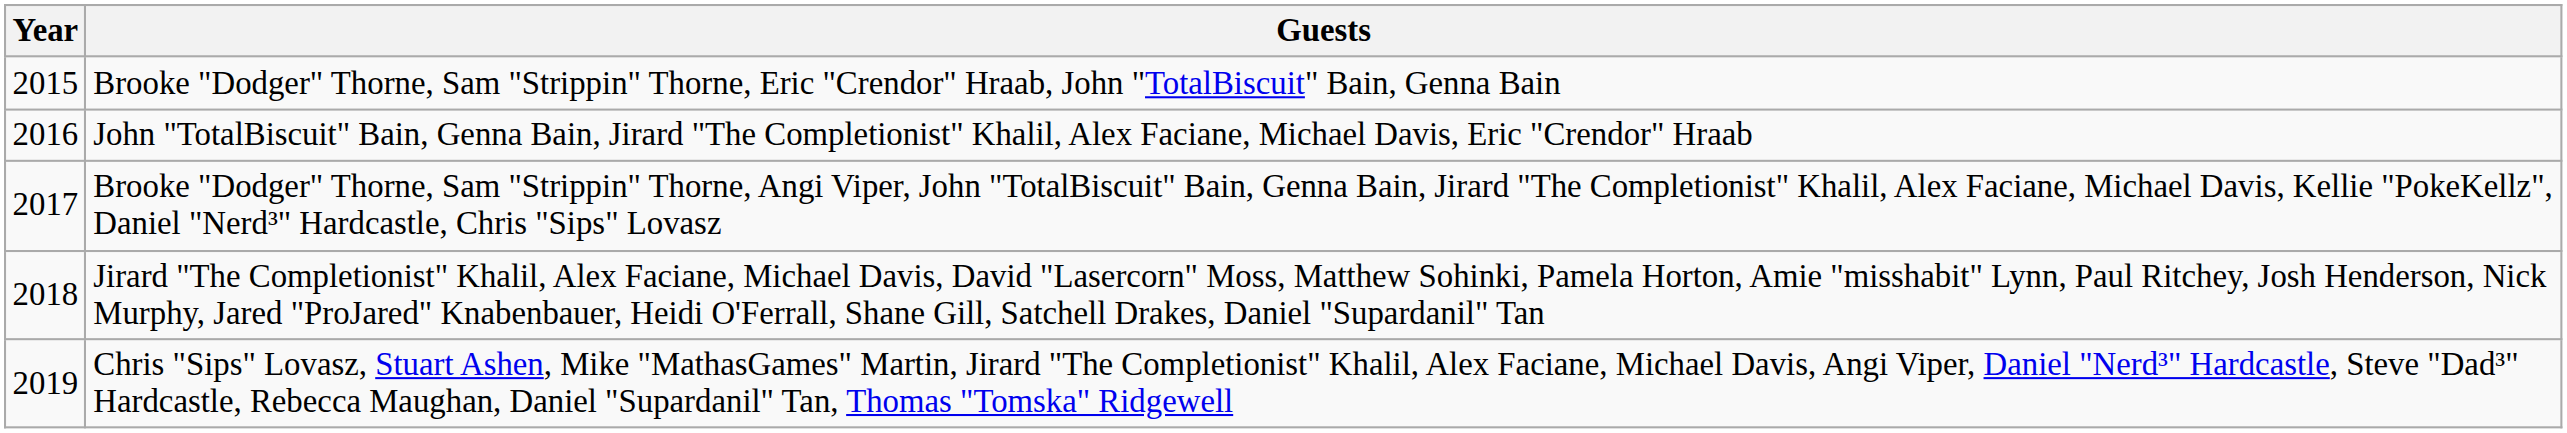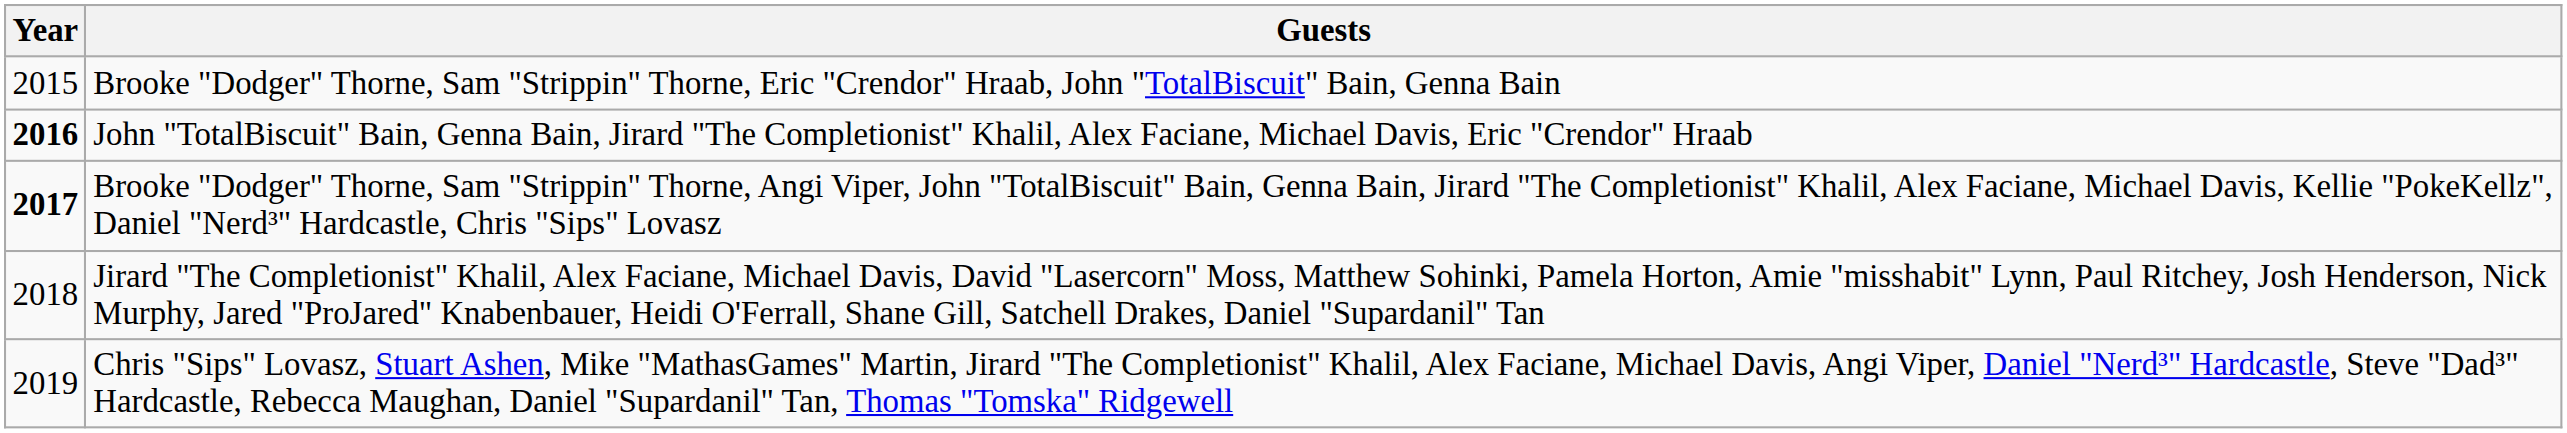 <table class="wikitable">
 <tr>
 <th>Year</th>
 <th>Guests</th>
 </tr>
 <tr>
 <td>2015</td>
 <td>Brooke "Dodger" Thorne, Sam "Strippin" Thorne, Eric "Crendor" Hraab, John "<a href='#'>TotalBiscuit</a>" Bain, Genna Bain</td>
 </tr>
 <tr>
-<td>2016</td>
+<td><strong>2016</strong></td>
 <td>John "TotalBiscuit" Bain, Genna Bain, Jirard "The Completionist" Khalil, Alex Faciane, Michael Davis, Eric "Crendor" Hraab</td>
 </tr>
 <tr>
-<td>2017</td>
+<td><strong>2017</strong></td>
 <td>Brooke "Dodger" Thorne, Sam "Strippin" Thorne, Angi Viper, John "TotalBiscuit" Bain, Genna Bain, Jirard "The Completionist" Khalil, Alex Faciane, Michael Davis, Kellie "PokeKellz", Daniel "Nerd³" Hardcastle, Chris "Sips" Lovasz</td>
 </tr>
 <tr>
 <td>2018</td>
 <td>Jirard "The Completionist" Khalil, Alex Faciane, Michael Davis, David "Lasercorn" Moss, Matthew Sohinki, Pamela Horton, Amie "misshabit" Lynn, Paul Ritchey, Josh Henderson, Nick Murphy, Jared "ProJared" Knabenbauer, Heidi O'Ferrall, Shane Gill, Satchell Drakes, Daniel "Supardanil" Tan</td>
 </tr>
 <tr>
 <td>2019</td>
 <td>Chris "Sips" Lovasz, <a href='#'>Stuart Ashen</a>, Mike "MathasGames" Martin, Jirard "The Completionist" Khalil, Alex Faciane, Michael Davis, Angi Viper, <a href='#'>Daniel "Nerd³" Hardcastle</a>, Steve "Dad³" Hardcastle, Rebecca Maughan, Daniel "Supardanil" Tan, <a href='#'>Thomas "Tomska" Ridgewell</a></td>
 </tr>
 </table>
